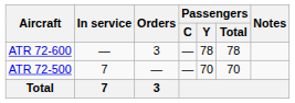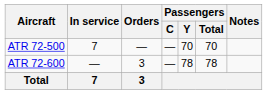 <table class="wikitable" style="margin:0.5em auto;text-align:center; margin:auto;">
 <tr>
 <th rowspan="2">Aircraft</th>
 <th rowspan="2">In service</th>
 <th rowspan="2">Orders</th>
 <th colspan="3">Passengers</th>
 <th rowspan="2">Notes</th>
 </tr>
 <tr>
 <th><abbr>C</abbr></th>
 <th><abbr>Y</abbr></th>
 <th>Total</th>
 </tr>
 <tr>
+<td><a href='#'>ATR 72-500</a></td>
+<td>7</td>
+<td>—</td>
+<td>—</td>
+<td>70</td>
+<td>70</td>
+<td></td>
+</tr>
+<tr>
 <td><a href='#'>ATR 72-600</a></td>
 <td>—</td>
 <td>3</td>
 <td>—</td>
 <td>78</td>
 <td>78</td>
 <td></td>
 </tr>
 <tr>
-<td><a href='#'>ATR 72-500</a></td>
-<td>7</td>
-<td>—</td>
-<td>—</td>
-<td>70</td>
-<td>70</td>
-<td></td>
-</tr>
-<tr>
 <th>Total</th>
 <th>7</th>
 <th>3</th>
 <th colspan="4"></th>
 </tr>
 </table>
